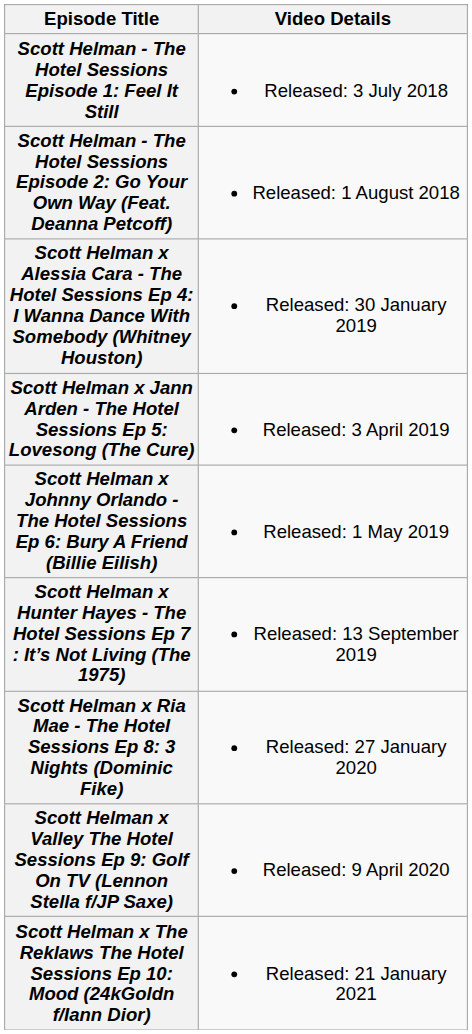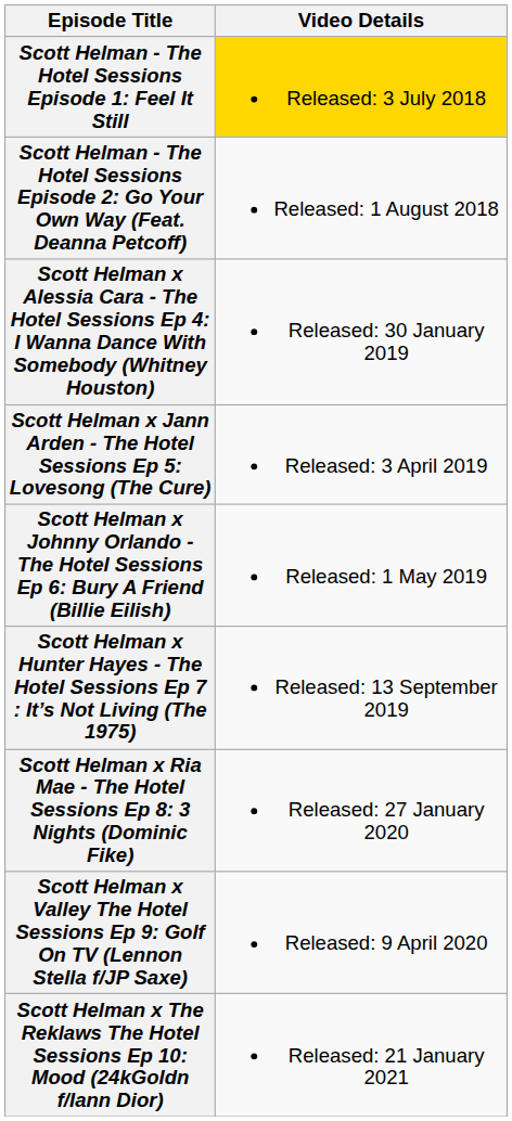 <table class="wikitable plainrowheaders" style="text-align:center">
 <tr>
 <th scope="col" style="width:10em;">Episode Title</th>
 <th scope="col" style="width:14em;">Video Details</th>
 </tr>
 <tr>
 <th scope="row"><em>Scott Helman - The Hotel Sessions Episode 1: Feel It Still</em></th>
-<td><br><ul><li>Released: 3 July 2018</li></ul></td>
+<td style="background: gold;"><br><ul><li>Released: 3 July 2018</li></ul></td>
 </tr>
 <tr>
 <th scope="row"><em>Scott Helman - The Hotel Sessions Episode 2: Go Your Own Way (Feat. Deanna Petcoff)</em></th>
 <td><br><ul><li>Released: 1 August 2018</li></ul></td>
 </tr>
 <tr>
 <th scope="row"><em>Scott Helman x Alessia Cara - The Hotel Sessions Ep 4: I Wanna Dance With Somebody (Whitney Houston)</em></th>
 <td><br><ul><li>Released: 30 January 2019</li></ul></td>
 </tr>
 <tr>
 <th scope="row"><em>Scott Helman x Jann Arden - The Hotel Sessions Ep 5: Lovesong (The Cure)</em></th>
 <td><br><ul><li>Released: 3 April 2019</li></ul></td>
 </tr>
 <tr>
 <th scope="row"><em>Scott Helman x Johnny Orlando - The Hotel Sessions Ep 6: Bury A Friend (Billie Eilish)</em></th>
 <td><br><ul><li>Released: 1 May 2019</li></ul></td>
 </tr>
 <tr>
 <th scope="row"><em>Scott Helman x Hunter Hayes - The Hotel Sessions Ep 7 : It’s Not Living (The 1975)</em></th>
 <td><br><ul><li>Released: 13 September 2019</li></ul></td>
 </tr>
 <tr>
 <th scope="row"><em>Scott Helman x Ria Mae - The Hotel Sessions Ep 8: 3 Nights (Dominic Fike)</em></th>
 <td><br><ul><li>Released: 27 January 2020</li></ul></td>
 </tr>
 <tr>
 <th scope="row"><em>Scott Helman x Valley The Hotel Sessions Ep 9: Golf On TV (Lennon Stella f/JP Saxe)</em></th>
 <td><br><ul><li>Released: 9 April 2020</li></ul></td>
 </tr>
 <tr>
 <th scope="row"><em>Scott Helman x The Reklaws The Hotel Sessions Ep 10: Mood (24kGoldn f/Iann Dior)</em></th>
 <td><br><ul><li>Released: 21 January 2021</li></ul></td>
 </tr>
 </table>
